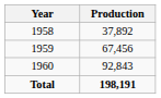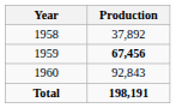 <table class="wikitable">
 <tr>
 <th width="100pt" align="center"><strong>Year</strong></th>
 <th width="100pt" align="center"><strong>Production</strong></th>
 </tr>
 <tr>
 <td align="center">1958</td>
 <td align="center">37,892</td>
 </tr>
 <tr>
 <td align="center">1959</td>
-<td align="center">67,456</td>
+<td align="center"><strong>67,456</strong></td>
 </tr>
 <tr>
 <td align="center">1960</td>
 <td align="center">92,843</td>
 </tr>
 <tr>
 <td align="center"><strong>Total</strong></td>
 <td align="center"><strong>198,191</strong></td>
 </tr>
 </table>
